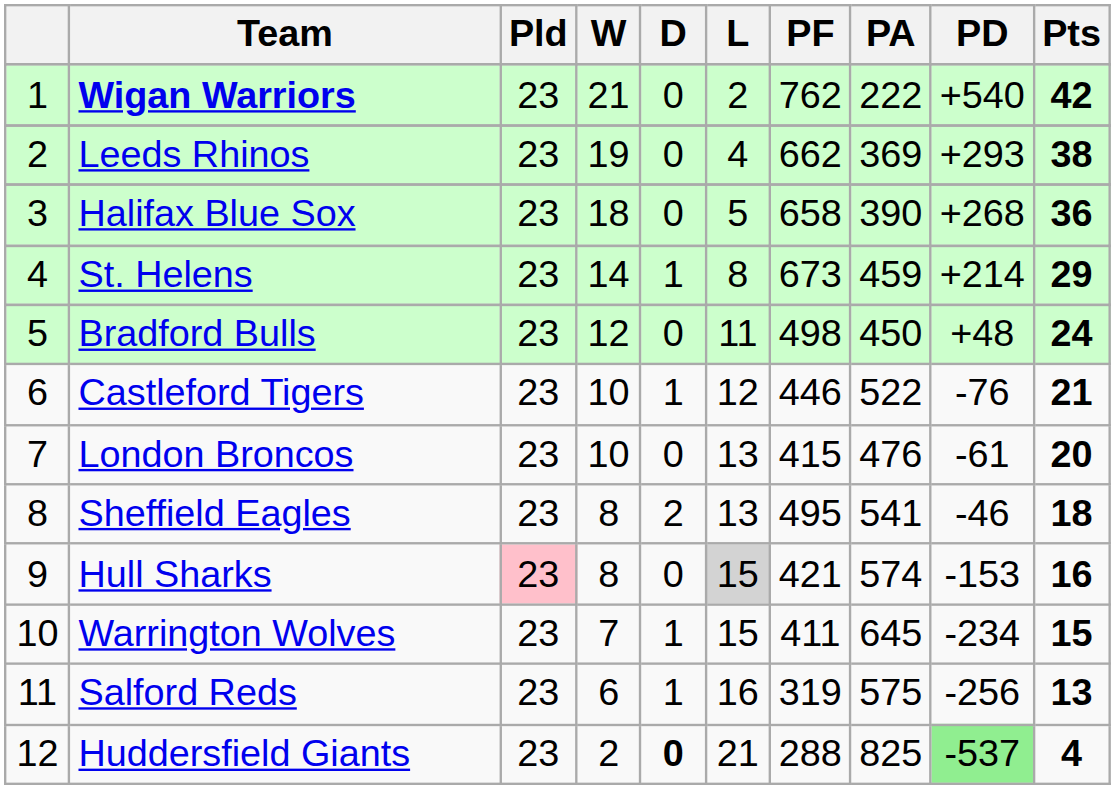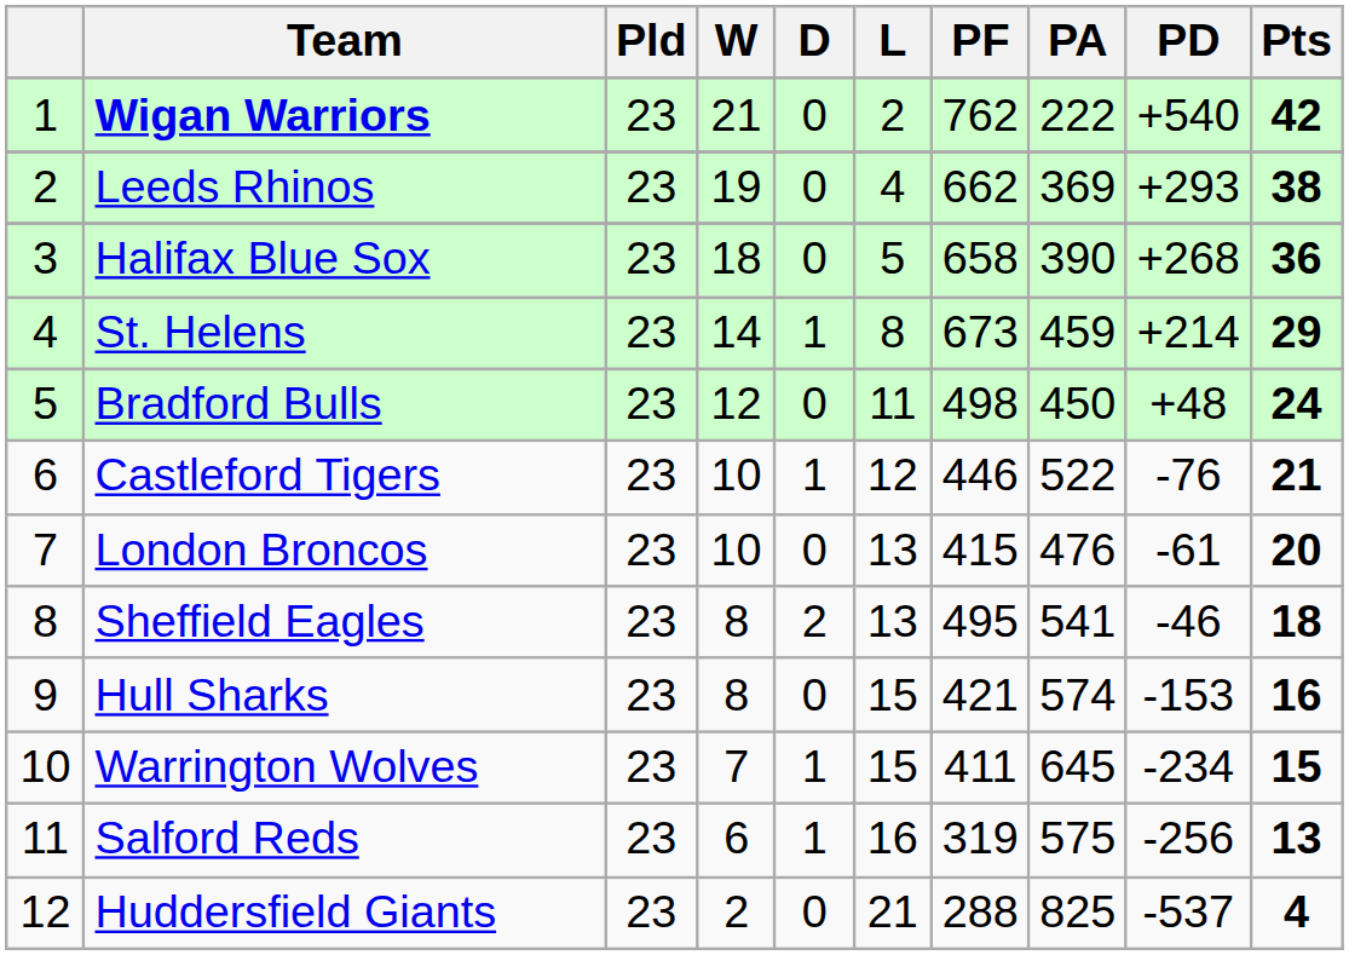 <table class="wikitable" style="text-align:center;">
 <tr>
 <th width=20 abbr="Position"></th>
 <th width=175>Team</th>
 <th width=20 abbr="Played">Pld</th>
 <th width=20 abbr="Won">W</th>
 <th width=20 abbr="Drawn">D</th>
 <th width=20 abbr="Lost">L</th>
 <th width=20 abbr="Points for">PF</th>
 <th width=20 abbr="Points against">PA</th>
 <th width=20 abbr="Points difference">PD</th>
 <th width=20 abbr="Points">Pts</th>
 </tr>
 <tr --->
 </tr>
 <tr style="background:#ccffcc;">
 <td>1</td>
 <td style="text-align:left;"> <strong><a href='#'>Wigan Warriors</a></strong></td>
 <td>23</td>
 <td>21</td>
 <td>0</td>
 <td>2</td>
 <td>762</td>
 <td>222</td>
 <td>+540</td>
 <td><strong>42</strong></td>
 </tr>
 <tr --->
 </tr>
 <tr style="background:#ccffcc;">
 <td>2</td>
 <td style="text-align:left"> <a href='#'>Leeds Rhinos</a></td>
 <td>23</td>
 <td>19</td>
 <td>0</td>
 <td>4</td>
 <td>662</td>
 <td>369</td>
 <td>+293</td>
 <td><strong>38</strong></td>
 </tr>
 <tr --->
 </tr>
 <tr style="background:#ccffcc;">
 <td>3</td>
 <td style="text-align:left"> <a href='#'>Halifax Blue Sox</a></td>
 <td>23</td>
 <td>18</td>
 <td>0</td>
 <td>5</td>
 <td>658</td>
 <td>390</td>
 <td>+268</td>
 <td><strong>36</strong></td>
 </tr>
 <tr --->
 </tr>
 <tr style="background:#ccffcc;">
 <td>4</td>
 <td style="text-align:left;"> <a href='#'>St. Helens</a></td>
 <td>23</td>
 <td>14</td>
 <td>1</td>
 <td>8</td>
 <td>673</td>
 <td>459</td>
 <td>+214</td>
 <td><strong>29</strong></td>
 </tr>
 <tr --->
 </tr>
 <tr style="background:#ccffcc;">
 <td>5</td>
 <td style="text-align:left;"> <a href='#'>Bradford Bulls</a></td>
 <td>23</td>
 <td>12</td>
 <td>0</td>
 <td>11</td>
 <td>498</td>
 <td>450</td>
 <td>+48</td>
 <td><strong>24</strong></td>
 </tr>
 <tr>
 <td>6</td>
 <td style="text-align:left;"> <a href='#'>Castleford Tigers</a></td>
 <td>23</td>
 <td>10</td>
 <td>1</td>
 <td>12</td>
 <td>446</td>
 <td>522</td>
 <td>-76</td>
 <td><strong>21</strong></td>
 </tr>
 <tr>
 <td>7</td>
 <td style="text-align:left;"> <a href='#'>London Broncos</a></td>
 <td>23</td>
 <td>10</td>
 <td>0</td>
 <td>13</td>
 <td>415</td>
 <td>476</td>
 <td>-61</td>
 <td><strong>20</strong></td>
 </tr>
 <tr>
 <td>8</td>
 <td style="text-align:left;"> <a href='#'>Sheffield Eagles</a></td>
 <td>23</td>
 <td>8</td>
 <td>2</td>
 <td>13</td>
 <td>495</td>
 <td>541</td>
 <td>-46</td>
 <td><strong>18</strong></td>
 </tr>
 <tr>
 <td>9</td>
 <td style="text-align:left;"> <a href='#'>Hull Sharks</a></td>
-<td style="background: pink;">23</td>
+<td>23</td>
 <td>8</td>
 <td>0</td>
-<td style="background: lightgrey;">15</td>
+<td>15</td>
 <td>421</td>
 <td>574</td>
 <td>-153</td>
 <td><strong>16</strong></td>
 </tr>
 <tr>
 <td>10</td>
 <td style="text-align:left;"> <a href='#'>Warrington Wolves</a></td>
 <td>23</td>
 <td>7</td>
 <td>1</td>
 <td>15</td>
 <td>411</td>
 <td>645</td>
 <td>-234</td>
 <td><strong>15</strong></td>
 </tr>
 <tr>
 <td>11</td>
 <td style="text-align:left;"> <a href='#'>Salford Reds</a></td>
 <td>23</td>
 <td>6</td>
 <td>1</td>
 <td>16</td>
 <td>319</td>
 <td>575</td>
 <td>-256</td>
 <td><strong>13</strong></td>
 </tr>
 <tr>
 <td>12</td>
 <td style="text-align:left;"> <a href='#'>Huddersfield Giants</a></td>
 <td>23</td>
 <td>2</td>
-<td><strong>0</strong></td>
+<td>0</td>
 <td>21</td>
 <td>288</td>
 <td>825</td>
-<td style="background: lightgreen;">-537</td>
+<td>-537</td>
 <td><strong>4</strong></td>
 </tr>
 <tr>
 </tr>
 </table>
